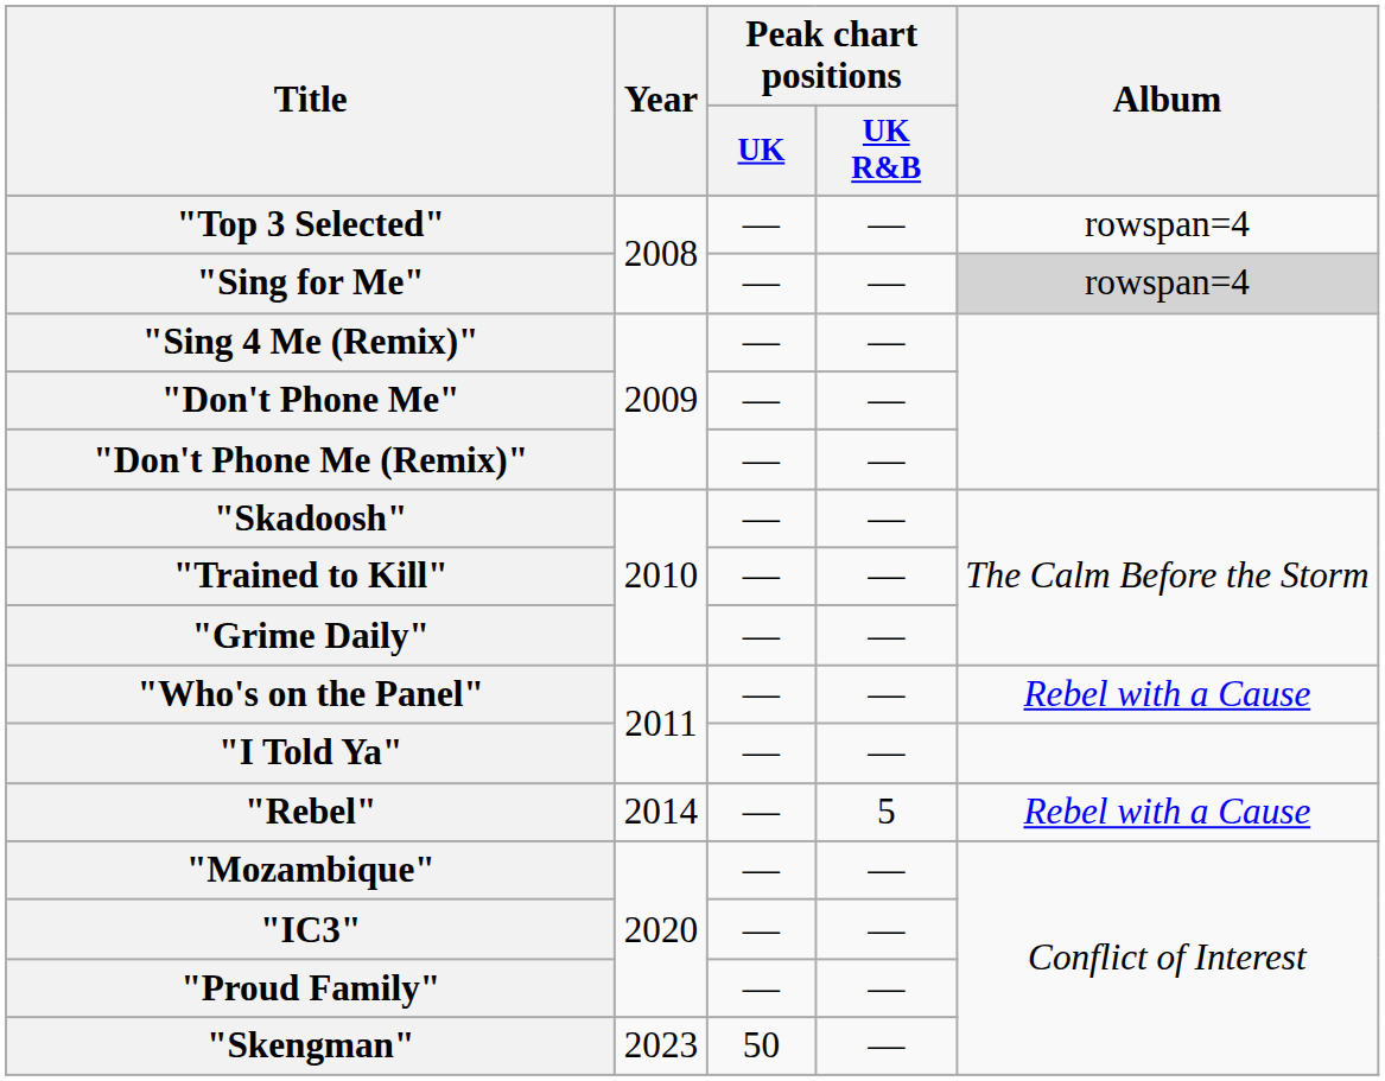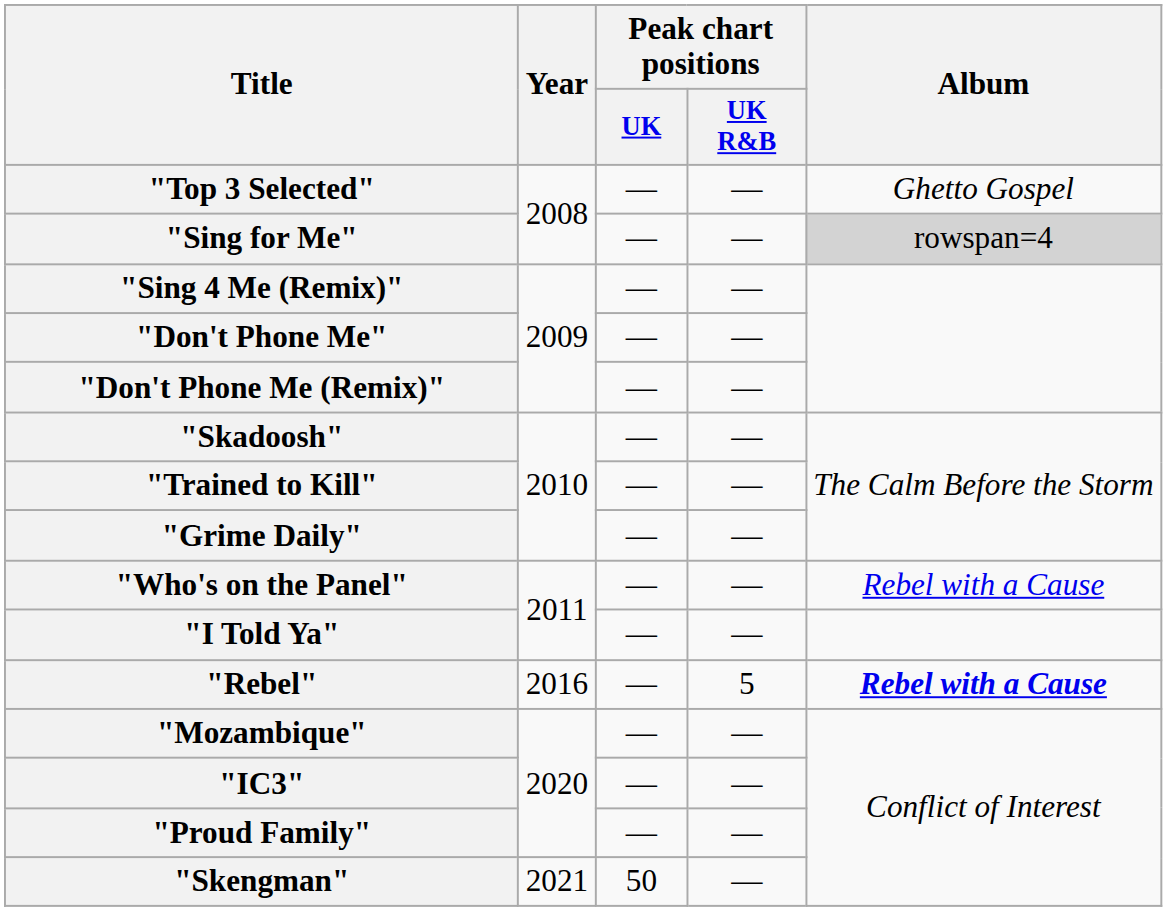 <table class="wikitable plainrowheaders" style="text-align:center;" border="1">
 <tr>
 <th scope="col" rowspan=2 style="width:16em;">Title</th>
 <th scope="col" rowspan=2>Year</th>
 <th scope="col" colspan=2>Peak chart positions</th>
 <th scope="col" rowspan=2>Album</th>
 </tr>
 <tr>
 <th scope="col" style="width:3em;font-size:85%;"><a href='#'>UK</a><br></th>
 <th scope="col" style="width:4em;font-size:85%;"><a href='#'>UK<br>R&B</a></th>
 </tr>
 <tr>
 <th scope="row">"Top 3 Selected"</th>
 <td rowspan=2>2008</td>
 <td>—</td>
 <td>—</td>
-<td>rowspan=4 </td>
+<td><em>Ghetto Gospel</em></td>
 </tr>
 <tr>
 <th scope="row">"Sing for Me"</th>
 <td>—</td>
 <td>—</td>
 <td style="background: lightgrey;">rowspan=4 </td>
 </tr>
 <tr>
 <th scope="row">"Sing 4 Me (Remix)"</th>
 <td rowspan=3>2009</td>
 <td>—</td>
 <td>—</td>
 </tr>
 <tr>
 <th scope="row">"Don't Phone Me" <br></th>
 <td>—</td>
 <td>—</td>
 </tr>
 <tr>
 <th scope="row">"Don't Phone Me (Remix)" <br></th>
 <td>—</td>
 <td>—</td>
 </tr>
 <tr>
 <th scope="row">"Skadoosh" <br></th>
 <td rowspan=3>2010</td>
 <td>—</td>
 <td>—</td>
 <td rowspan=3><em>The Calm Before the Storm</em></td>
 </tr>
 <tr>
 <th scope="row">"Trained to Kill" <br></th>
 <td>—</td>
 <td>—</td>
 </tr>
 <tr>
 <th scope="row">"Grime Daily"</th>
 <td>—</td>
 <td>—</td>
 </tr>
 <tr>
 <th scope="row">"Who's on the Panel"</th>
 <td rowspan=2>2011</td>
 <td>—</td>
 <td>—</td>
 <td><em><a href='#'>Rebel with a Cause</a></em></td>
 </tr>
 <tr>
 <th scope="row">"I Told Ya" <br></th>
 <td>—</td>
 <td>—</td>
 </tr>
 <tr>
 <th scope="row">"Rebel"</th>
-<td>2014</td>
+<td>2016</td>
 <td>—</td>
 <td>5</td>
-<td><em><a href='#'>Rebel with a Cause</a></em></td>
+<td><strong><em><a href='#'>Rebel with a Cause</a></em></strong></td>
 </tr>
 <tr>
 <th scope="row">"Mozambique"<br></th>
 <td rowspan="3">2020</td>
 <td>—</td>
 <td>—</td>
 <td rowspan="4"><em>Conflict of Interest</em></td>
 </tr>
 <tr>
 <th scope="row">"IC3"<br></th>
 <td>—</td>
 <td>—</td>
 </tr>
 <tr>
 <th scope="row">"Proud Family"</th>
 <td>—</td>
 <td>—</td>
 </tr>
 <tr>
 <th scope="row">"Skengman"<br></th>
-<td>2023</td>
+<td>2021</td>
 <td>50</td>
 <td>—</td>
 </tr>
 </table>
